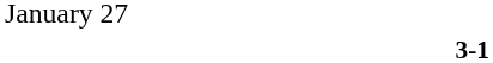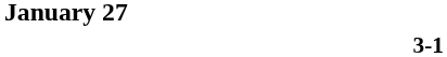 <table style="width:100%;" cellspacing="1">
 <tr>
 <th width=25%></th>
 <th width=2%></th>
 <th width=6%></th>
 <th width=2%></th>
 <th width=25%></th>
 </tr>
 <tr>
-<td>January 27</td>
+<td><strong>January 27</strong></td>
 </tr>
 <tr style=font-size:90%>
 <td align=right><strong></strong></td>
 <td></td>
 <td align=center><strong>3-1</strong></td>
 <td></td>
 <td><strong></strong></td>
 <td></td>
 </tr>
 </table>
